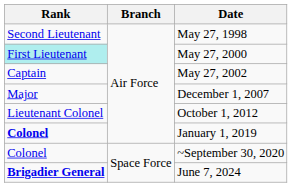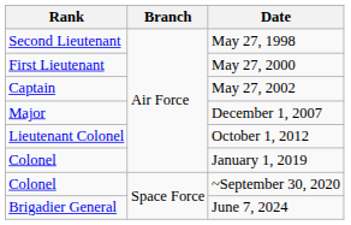 <table class="wikitable">
 <tr>
 <th>Rank</th>
 <th>Branch</th>
 <th>Date</th>
 </tr>
 <tr>
 <td> <a href='#'>Second Lieutenant</a></td>
 <td rowspan=6>Air Force</td>
 <td>May 27, 1998</td>
 </tr>
 <tr>
-<td style="background: paleturquoise;"> <a href='#'>First Lieutenant</a></td>
+<td> <a href='#'>First Lieutenant</a></td>
 <td>May 27, 2000</td>
 </tr>
 <tr>
 <td> <a href='#'>Captain</a></td>
 <td>May 27, 2002</td>
 </tr>
 <tr>
 <td> <a href='#'>Major</a></td>
 <td>December 1, 2007</td>
 </tr>
 <tr>
 <td> <a href='#'>Lieutenant Colonel</a></td>
 <td>October 1, 2012</td>
 </tr>
 <tr>
-<td><strong> <a href='#'>Colonel</a></strong></td>
+<td> <a href='#'>Colonel</a></td>
 <td>January 1, 2019</td>
 </tr>
 <tr>
 <td> <a href='#'>Colonel</a></td>
 <td rowspan=2>Space Force</td>
 <td>~September 30, 2020</td>
 </tr>
 <tr>
-<td><strong> <a href='#'>Brigadier General</a></strong></td>
+<td> <a href='#'>Brigadier General</a></td>
 <td>June 7, 2024</td>
 </tr>
 </table>
